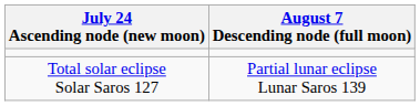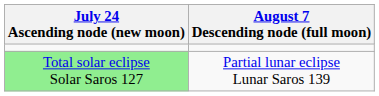 <table class="wikitable">
 <tr>
 <th><a href='#'>July 24</a><br>Ascending node (new moon)<br></th>
 <th><a href='#'>August 7</a><br>Descending node (full moon)<br></th>
 </tr>
 <tr>
 <td></td>
 <td></td>
 </tr>
 <tr align=center>
-<td><a href='#'>Total solar eclipse</a><br>Solar Saros 127</td>
+<td style="background: lightgreen;"><a href='#'>Total solar eclipse</a><br>Solar Saros 127</td>
 <td><a href='#'>Partial lunar eclipse</a><br>Lunar Saros 139</td>
 </tr>
 </table>
